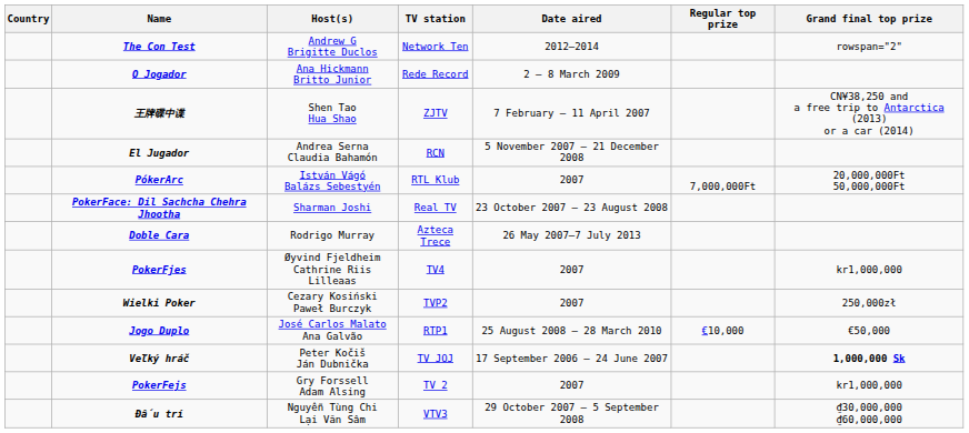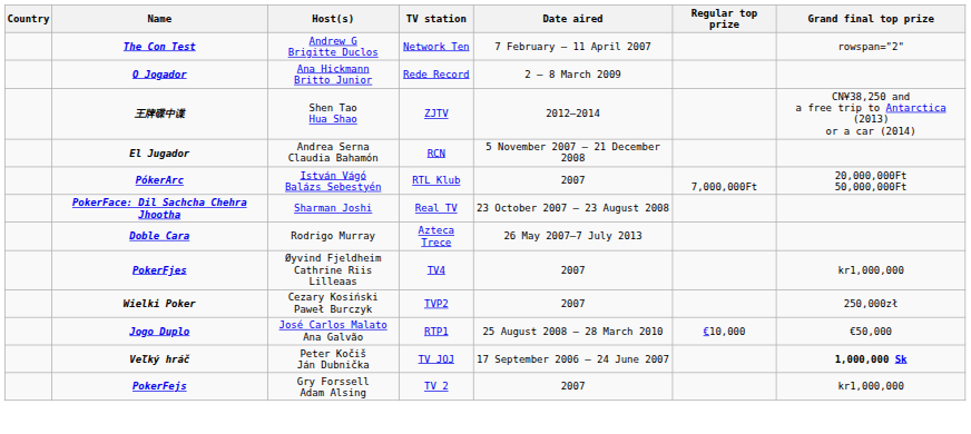 <table class="wikitable sticky-header" style="text-align:center">
 <tr>
 <th>Country</th>
 <th>Name</th>
 <th>Host(s)</th>
 <th>TV station</th>
 <th>Date aired</th>
 <th>Regular top prize</th>
 <th>Grand final top prize</th>
 </tr>
 <tr>
 <td style="text-align:left;"></td>
 <td><strong><em><a href='#'>The Con Test</a></em></strong></td>
 <td><a href='#'>Andrew G</a><br><a href='#'>Brigitte Duclos</a></td>
 <td><a href='#'>Network Ten</a></td>
-<td>2012–2014</td>
+<td>7 February – 11 April 2007</td>
 <td></td>
 <td>rowspan="2" </td>
 </tr>
 <tr>
 <td style="text-align:left;"></td>
 <td><strong><em><a href='#'>O Jogador</a></em></strong></td>
 <td><a href='#'>Ana Hickmann</a><br><a href='#'>Britto Junior</a></td>
 <td><a href='#'>Rede Record</a></td>
 <td>2 – 8 March 2009</td>
 <td></td>
 </tr>
 <tr>
 <td style="text-align:left;"></td>
 <td><strong><em>王牌碟中谍</em></strong><br></td>
 <td>Shen Tao<br><a href='#'>Hua Shao</a></td>
 <td><a href='#'>ZJTV</a></td>
-<td>7 February – 11 April 2007</td>
+<td>2012–2014</td>
 <td></td>
 <td>CN¥38,250 and<br>a free trip to <a href='#'>Antarctica</a> (2013)<br>or a car (2014)</td>
 </tr>
 <tr>
 <td style="text-align:left;"></td>
 <td><strong><em>El Jugador</em></strong></td>
 <td>Andrea Serna<br>Claudia Bahamón</td>
 <td><a href='#'>RCN</a></td>
 <td>5 November 2007 – 21 December 2008</td>
 <td></td>
 <td></td>
 </tr>
 <tr>
 <td style="text-align:left; "></td>
 <td><strong><em><a href='#'>PókerArc</a></em></strong></td>
 <td><a href='#'>István Vágó</a><br><a href='#'>Balázs Sebestyén</a></td>
 <td><a href='#'>RTL Klub</a></td>
 <td>2007</td>
 <td> <br>  7,000,000Ft</td>
 <td>20,000,000Ft<br>50,000,000Ft</td>
 </tr>
 <tr>
 <td style="text-align:left;"></td>
 <td><strong><em><a href='#'>PokerFace: Dil Sachcha Chehra Jhootha</a></em></strong></td>
 <td><a href='#'>Sharman Joshi</a></td>
 <td><a href='#'>Real TV</a></td>
 <td>23 October 2007 – 23 August 2008</td>
 <td></td>
 <td></td>
 </tr>
 <tr>
 <td style="text-align:left;"></td>
 <td><strong><em><a href='#'>Doble Cara</a></em></strong></td>
 <td>Rodrigo Murray</td>
 <td><a href='#'>Azteca Trece</a></td>
 <td>26 May 2007–7 July 2013</td>
 <td></td>
 <td></td>
 </tr>
 <tr>
 <td style="text-align:left;"></td>
 <td><strong><em><a href='#'>PokerFjes</a></em></strong></td>
 <td>Øyvind Fjeldheim<br>Cathrine Riis Lilleaas</td>
 <td><a href='#'>TV4</a></td>
 <td>2007</td>
 <td></td>
 <td>kr1,000,000</td>
 </tr>
 <tr>
 <td style="text-align:left;"></td>
 <td><strong><em>Wielki Poker</em></strong></td>
 <td>Cezary Kosiński<br>Paweł Burczyk</td>
 <td><a href='#'>TVP2</a></td>
 <td>2007</td>
 <td></td>
 <td>250,000zł</td>
 </tr>
 <tr>
 <td style="text-align:left;"></td>
 <td><strong><em><a href='#'>Jogo Duplo</a></em></strong></td>
 <td><a href='#'>José Carlos Malato</a><br>Ana Galvão</td>
 <td><a href='#'>RTP1</a></td>
 <td>25 August 2008 – 28 March 2010</td>
 <td><a href='#'>€</a>10,000</td>
 <td>€50,000</td>
 </tr>
 <tr>
 <td style="text-align:left;"></td>
 <td><strong><em>Veľký hráč</em></strong></td>
 <td>Peter Kočiš<br>Ján Dubnička</td>
 <td><a href='#'>TV JOJ</a></td>
 <td>17 September 2006 – 24 June 2007</td>
 <td></td>
 <td><strong>1,000,000 <a href='#'>Sk</a></strong></td>
 </tr>
 <tr>
 <td style="text-align:left;"></td>
 <td><strong><em><a href='#'>PokerFejs</a></em></strong></td>
 <td>Gry Forssell<br>Adam Alsing</td>
 <td><a href='#'>TV 2</a></td>
 <td>2007</td>
 <td></td>
 <td>kr1,000,000</td>
 </tr>
-<tr>
-<td style="text-align:left;"></td>
-<td><strong><em>Đấu trí</em></strong></td>
-<td>Nguyễn Tùng Chi<br> Lại Văn Sâm</td>
-<td><a href='#'>VTV3</a></td>
-<td>29 October 2007 – 5 September 2008</td>
-<td></td>
-<td>₫30,000,000 <br>₫60,000,000 </td>
-</tr>
 </table>
